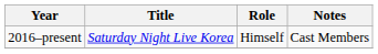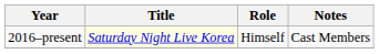 <table class="wikitable">
 <tr>
 <th>Year</th>
 <th>Title</th>
 <th>Role</th>
 <th>Notes</th>
 </tr>
 <tr>
 <td>2016–present</td>
-<td><em><a href='#'>Saturday Night Live Korea</a></em></td>
+<td style="background: lightyellow;"><em><a href='#'>Saturday Night Live Korea</a></em></td>
 <td>Himself</td>
 <td>Cast Members</td>
 </tr>
 <tr>
 </tr>
 </table>
